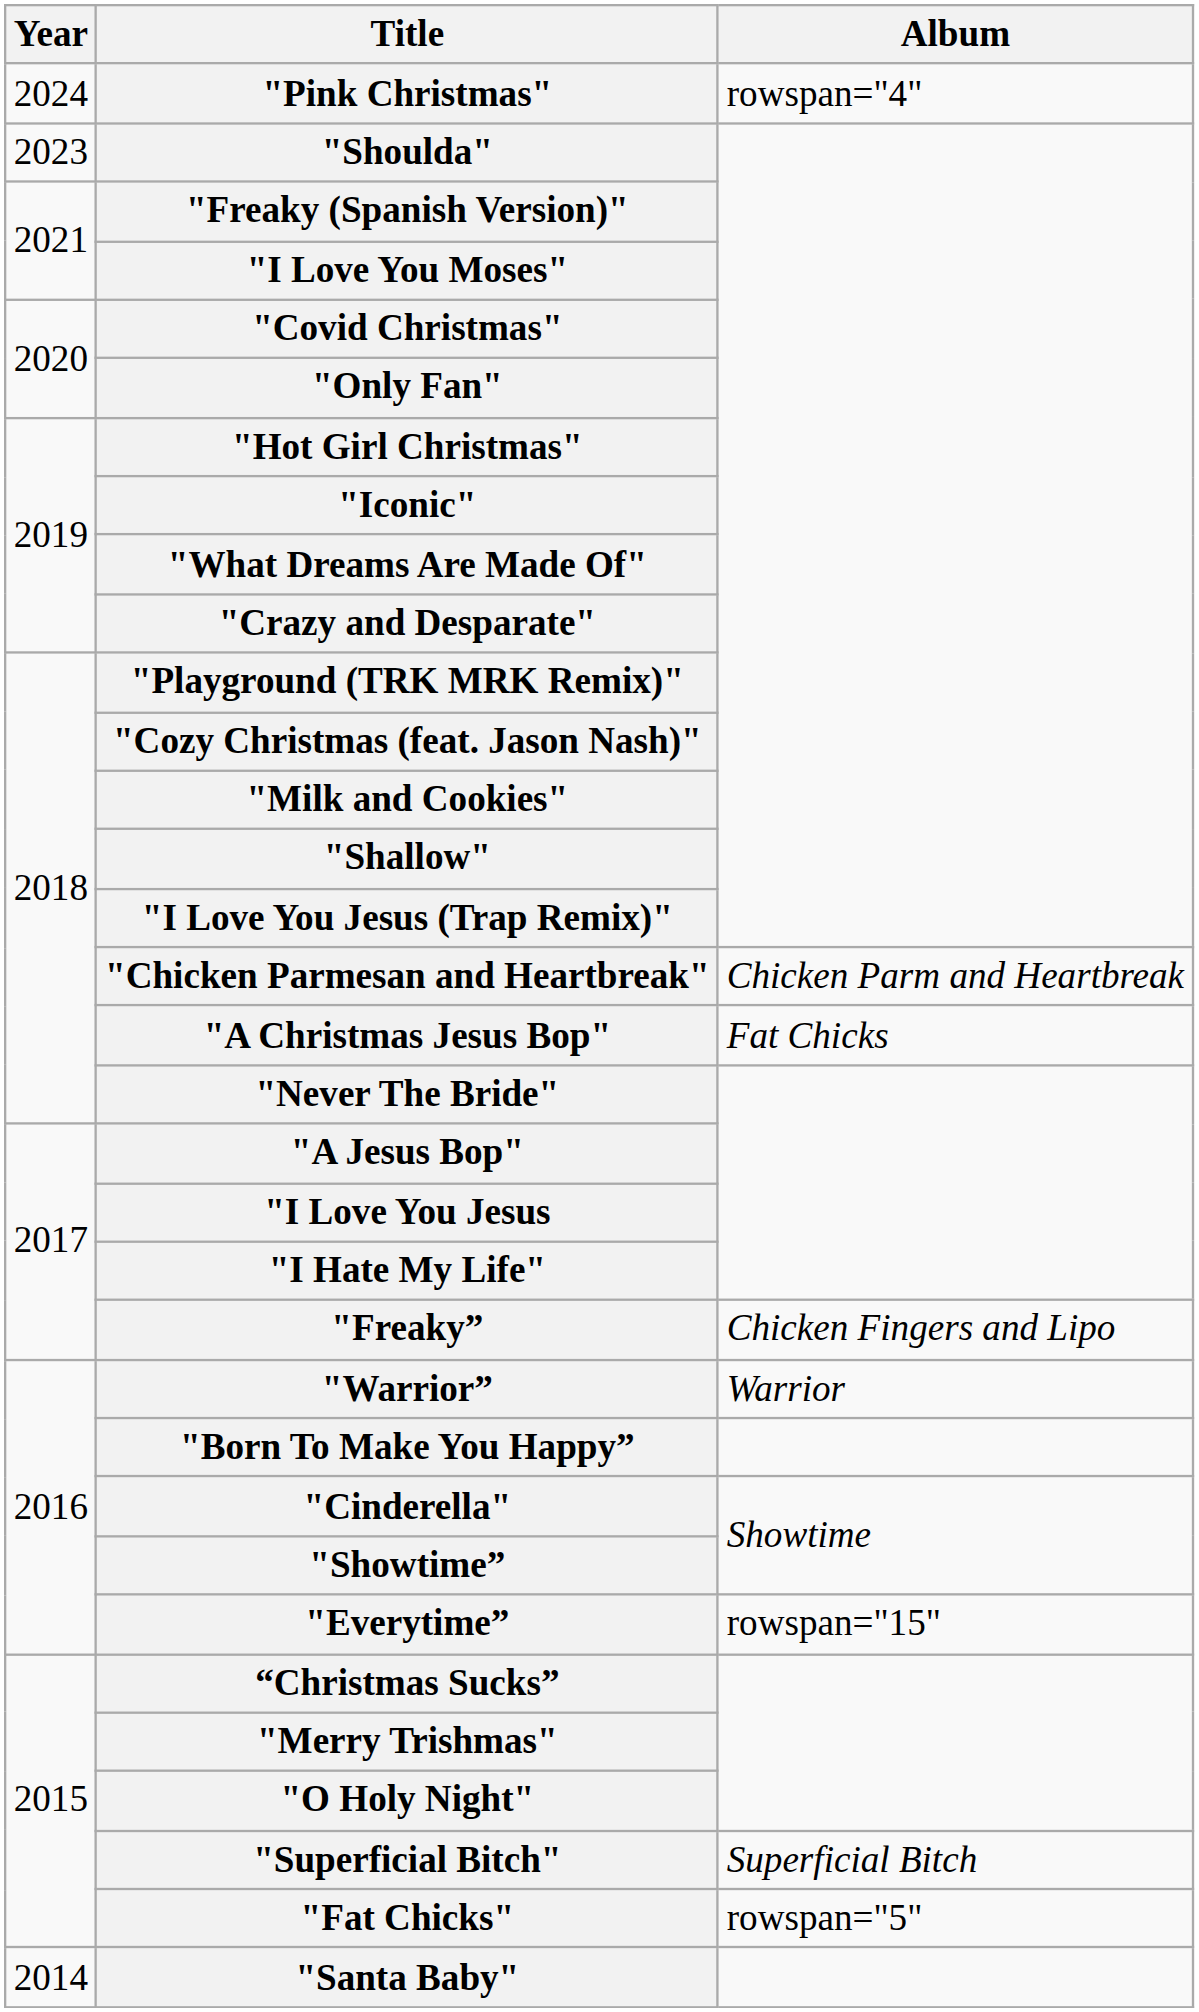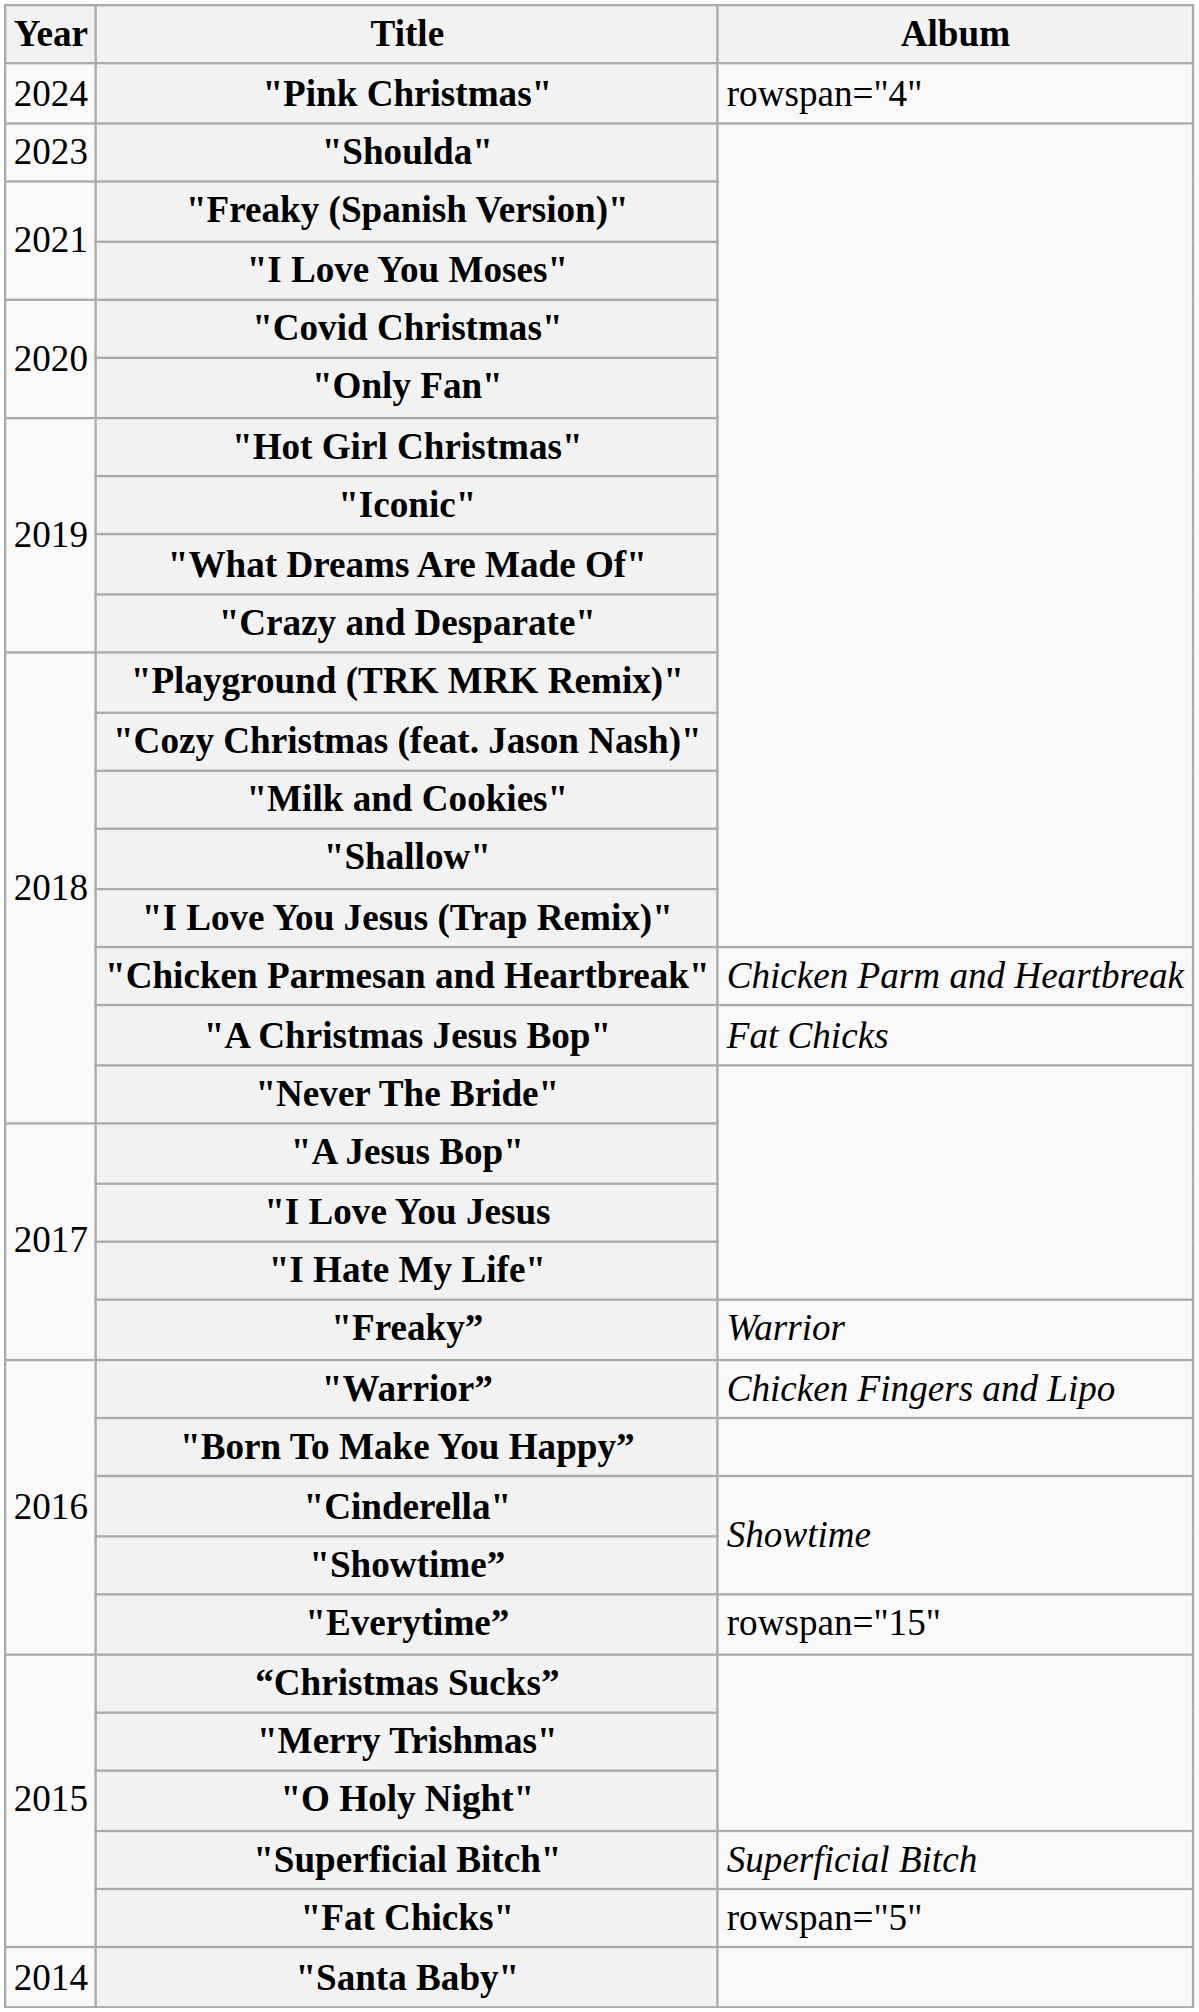 <table class="wikitable plainrowheaders" style="text-align:left;">
 <tr>
 <th rowspan="1" scope="col">Year</th>
 <th rowspan="1" scope="col">Title</th>
 <th rowspan="1" scope="col">Album</th>
 </tr>
 <tr>
 <td>2024</td>
 <th scope="row">"Pink Christmas"</th>
 <td>rowspan="4" </td>
 </tr>
 <tr>
 <td>2023</td>
 <th scope="row">"Shoulda"</th>
 </tr>
 <tr>
 <td rowspan="2">2021</td>
 <th scope="row">"Freaky (Spanish Version)"</th>
 </tr>
 <tr>
 <th scope="row">"I Love You Moses"</th>
 </tr>
 <tr>
 <td rowspan="2">2020</td>
 <th scope="row">"Covid Christmas"</th>
 </tr>
 <tr>
 <th scope="row">"Only Fan"</th>
 </tr>
 <tr>
 <td rowspan="4">2019</td>
 <th scope="row">"Hot Girl Christmas"</th>
 </tr>
 <tr>
 <th scope="row">"Iconic"</th>
 </tr>
 <tr>
 <th scope="row">"What Dreams Are Made Of"</th>
 </tr>
 <tr>
 <th scope="row">"Crazy and Desparate"</th>
 </tr>
 <tr>
 <td rowspan="8">2018</td>
 <th scope="row">"Playground (TRK MRK Remix)"</th>
 </tr>
 <tr>
 <th scope="row">"Cozy Christmas (feat. Jason Nash)"</th>
 </tr>
 <tr>
 <th scope="row">"Milk and Cookies"</th>
 </tr>
 <tr>
 <th scope="row">"Shallow"</th>
 </tr>
 <tr>
 <th scope="row">"I Love You Jesus (Trap Remix)"</th>
 </tr>
 <tr>
 <th scope="row">"Chicken Parmesan and Heartbreak"</th>
 <td><em>Chicken Parm and Heartbreak</em></td>
 </tr>
 <tr>
 <th scope="row">"A Christmas Jesus Bop"</th>
 <td><em>Fat Chicks</em></td>
 </tr>
 <tr>
 <th scope="row">"Never The Bride"</th>
 </tr>
 <tr>
 <td rowspan="4">2017</td>
 <th scope="row">"A Jesus Bop"</th>
 </tr>
 <tr>
 <th scope="row">"I Love You Jesus</th>
 </tr>
 <tr>
 <th scope="row">"I Hate My Life"</th>
 </tr>
 <tr>
 <th scope="row">"Freaky”</th>
-<td><em>Chicken Fingers and Lipo</em></td>
+<td><em>Warrior</em></td>
 </tr>
 <tr>
 <td rowspan="5">2016</td>
 <th scope="row">"Warrior”</th>
-<td><em>Warrior</em></td>
+<td><em>Chicken Fingers and Lipo</em></td>
 </tr>
 <tr>
 <th scope="row">"Born To Make You Happy”</th>
 <td></td>
 </tr>
 <tr>
 <th scope="row">"Cinderella"</th>
 <td rowspan="2"><em>Showtime</em></td>
 </tr>
 <tr>
 <th scope="row">"Showtime”</th>
 </tr>
 <tr>
 <th scope="row">"Everytime”</th>
 <td>rowspan="15" </td>
 </tr>
 <tr>
 <td rowspan="5">2015</td>
 <th scope="row">“Christmas Sucks”</th>
 </tr>
 <tr>
 <th scope="row">"Merry Trishmas"</th>
 </tr>
 <tr>
 <th scope="row">"O Holy Night"</th>
 </tr>
 <tr>
 <th scope="row">"Superficial Bitch"</th>
 <td><em>Superficial Bitch</em></td>
 </tr>
 <tr>
 <th scope="row">"Fat Chicks"</th>
 <td>rowspan="5" </td>
 </tr>
 <tr>
 <td>2014</td>
 <th scope="row">"Santa Baby"</th>
 <td></td>
 </tr>
 </table>
